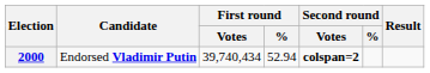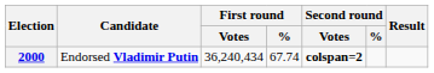 <table class=wikitable style=text-align:center>
 <tr>
 <th rowspan="2">Election</th>
 <th rowspan="2">Candidate</th>
 <th colspan="2" scope="col">First round</th>
 <th colspan="2">Second round</th>
 <th rowspan="2">Result</th>
 </tr>
 <tr>
 <th>Votes</th>
 <th>%</th>
 <th>Votes</th>
 <th>%</th>
 </tr>
 <tr>
 <th><a href='#'>2000</a></th>
 <td align=left>Endorsed <strong><a href='#'>Vladimir Putin</a></strong></td>
-<td>39,740,434</td>
-<td>52.94</td>
+<td>36,240,434</td>
+<td>67.74</td>
 <td><strong>colspan=2 </strong></td>
 <td></td>
 </tr>
 </table>
